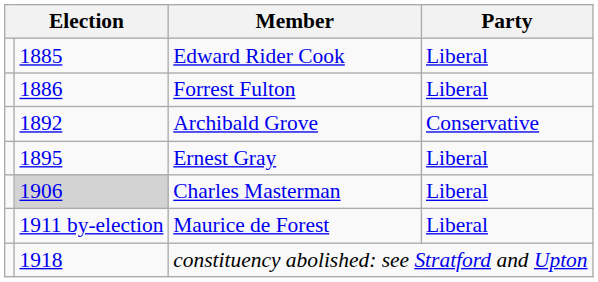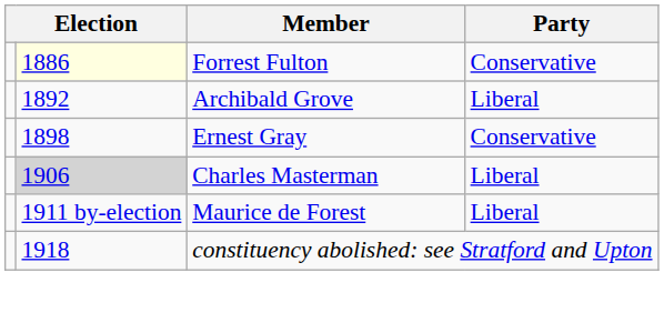 <table class="wikitable">
 <tr>
 <th colspan="2">Election</th>
 <th>Member</th>
 <th>Party</th>
 </tr>
 <tr>
 <td style="color:inherit;background-color: "></td>
-<td><a href='#'>1885</a></td>
-<td><a href='#'>Edward Rider Cook</a></td>
-<td><a href='#'>Liberal</a></td>
-</tr>
-<tr>
-<td style="color:inherit;background-color: "></td>
-<td><a href='#'>1886</a></td>
+<td style="background: lightyellow;"><a href='#'>1886</a></td>
 <td><a href='#'>Forrest Fulton</a></td>
-<td><a href='#'>Liberal</a></td>
+<td><a href='#'>Conservative</a></td>
 </tr>
 <tr>
 <td style="color:inherit;background-color: "></td>
 <td><a href='#'>1892</a></td>
 <td><a href='#'>Archibald Grove</a></td>
-<td><a href='#'>Conservative</a></td>
+<td><a href='#'>Liberal</a></td>
 </tr>
 <tr>
 <td style="color:inherit;background-color: "></td>
-<td><a href='#'>1895</a></td>
+<td><a href='#'>1898</a></td>
 <td><a href='#'>Ernest Gray</a></td>
-<td><a href='#'>Liberal</a></td>
+<td><a href='#'>Conservative</a></td>
 </tr>
 <tr>
 <td style="color:inherit;background-color: "></td>
 <td style="background: lightgrey;"><a href='#'>1906</a></td>
 <td><a href='#'>Charles Masterman</a></td>
 <td><a href='#'>Liberal</a></td>
 </tr>
 <tr>
 <td style="color:inherit;background-color: "></td>
 <td><a href='#'>1911 by-election</a></td>
 <td><a href='#'>Maurice de Forest</a></td>
 <td><a href='#'>Liberal</a></td>
 </tr>
 <tr>
 <td></td>
 <td><a href='#'>1918</a></td>
 <td colspan="2"><em>constituency abolished: see <a href='#'>Stratford</a> and <a href='#'>Upton</a></em></td>
 </tr>
 </table>
